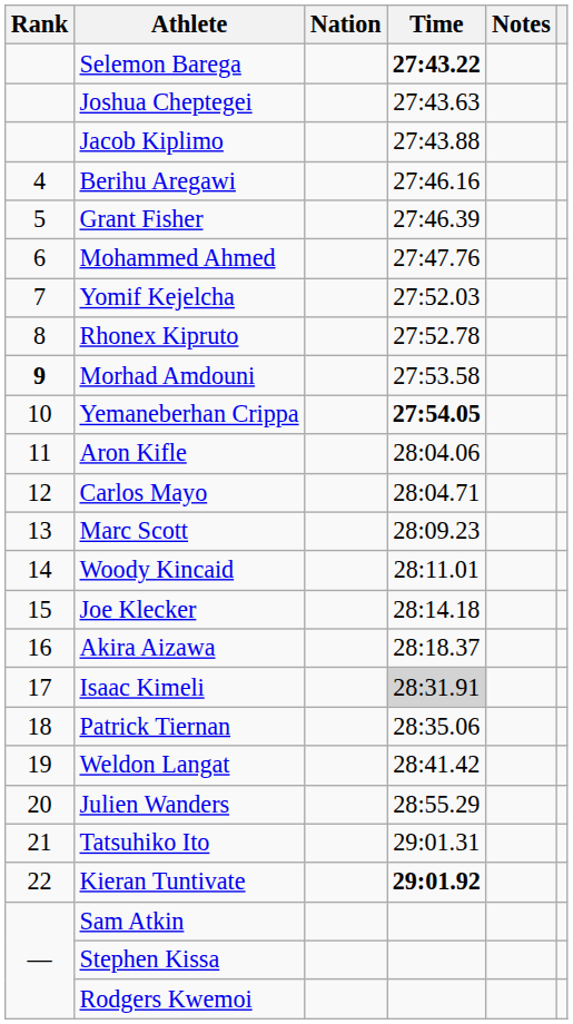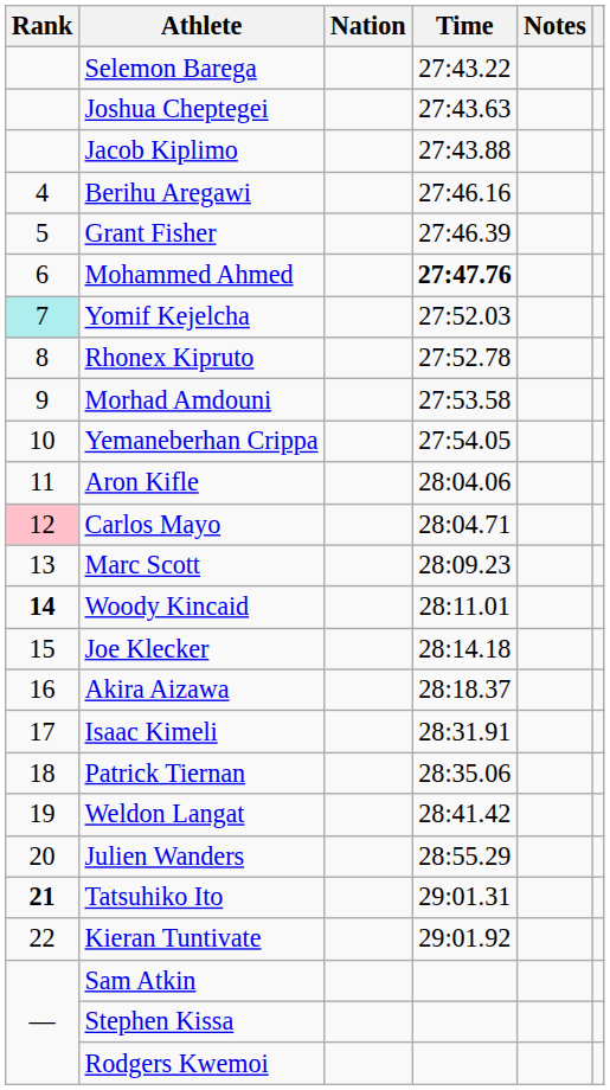 <table class="wikitable sortable" style="text-align:center">
 <tr>
 <th>Rank</th>
 <th>Athlete</th>
 <th>Nation</th>
 <th>Time</th>
 <th>Notes</th>
 <th></th>
 </tr>
 <tr>
 <td></td>
 <td align=left><a href='#'>Selemon Barega</a></td>
 <td align=left></td>
-<td><strong>27:43.22</strong></td>
+<td>27:43.22</td>
 <td></td>
 <td></td>
 </tr>
 <tr>
 <td></td>
 <td align=left><a href='#'>Joshua Cheptegei</a></td>
 <td align=left></td>
 <td>27:43.63</td>
 <td></td>
 <td></td>
 </tr>
 <tr>
 <td></td>
 <td align=left><a href='#'>Jacob Kiplimo</a></td>
 <td align=left></td>
 <td>27:43.88</td>
 <td></td>
 <td></td>
 </tr>
 <tr>
 <td>4</td>
 <td align=left><a href='#'>Berihu Aregawi</a></td>
 <td align=left></td>
 <td>27:46.16</td>
 <td></td>
 <td></td>
 </tr>
 <tr>
 <td>5</td>
 <td align=left><a href='#'>Grant Fisher</a></td>
 <td align=left></td>
 <td>27:46.39</td>
 <td></td>
 <td></td>
 </tr>
 <tr>
 <td>6</td>
 <td align=left><a href='#'>Mohammed Ahmed</a></td>
 <td align=left></td>
-<td>27:47.76</td>
+<td><strong>27:47.76</strong></td>
 <td></td>
 <td></td>
 </tr>
 <tr>
-<td>7</td>
+<td style="background: paleturquoise;">7</td>
 <td align="left"><a href='#'>Yomif Kejelcha</a></td>
 <td align="left"></td>
 <td>27:52.03</td>
 <td></td>
 <td></td>
 </tr>
 <tr>
 <td>8</td>
 <td align="left"><a href='#'>Rhonex Kipruto</a></td>
 <td align="left"></td>
 <td>27:52.78</td>
 <td></td>
 <td></td>
 </tr>
 <tr>
-<td><strong>9</strong></td>
+<td>9</td>
 <td align="left"><a href='#'>Morhad Amdouni</a></td>
 <td align="left"></td>
 <td>27:53.58</td>
 <td></td>
 <td></td>
 </tr>
 <tr>
 <td>10</td>
 <td align="left"><a href='#'>Yemaneberhan Crippa</a></td>
 <td align="left"></td>
-<td><strong>27:54.05</strong></td>
+<td>27:54.05</td>
 <td></td>
 <td></td>
 </tr>
 <tr>
 <td>11</td>
 <td align="left"><a href='#'>Aron Kifle</a></td>
 <td align="left"></td>
 <td>28:04.06</td>
 <td></td>
 <td></td>
 </tr>
 <tr>
-<td>12</td>
+<td style="background: pink;">12</td>
 <td align="left"><a href='#'>Carlos Mayo</a></td>
 <td align="left"></td>
 <td>28:04.71</td>
 <td></td>
 <td></td>
 </tr>
 <tr>
 <td>13</td>
 <td align="left"><a href='#'>Marc Scott</a></td>
 <td align="left"></td>
 <td>28:09.23</td>
 <td></td>
 <td></td>
 </tr>
 <tr>
-<td>14</td>
+<td><strong>14</strong></td>
 <td align="left"><a href='#'>Woody Kincaid</a></td>
 <td align="left"></td>
 <td>28:11.01</td>
 <td></td>
 <td></td>
 </tr>
 <tr>
 <td>15</td>
 <td align="left"><a href='#'>Joe Klecker</a></td>
 <td align="left"></td>
 <td>28:14.18</td>
 <td></td>
 <td></td>
 </tr>
 <tr>
 <td>16</td>
 <td align="left"><a href='#'>Akira Aizawa</a></td>
 <td align="left"></td>
 <td>28:18.37</td>
 <td></td>
 <td></td>
 </tr>
 <tr>
 <td>17</td>
 <td align="left"><a href='#'>Isaac Kimeli</a></td>
 <td align="left"></td>
-<td style="background: lightgrey;">28:31.91</td>
+<td>28:31.91</td>
 <td></td>
 <td></td>
 </tr>
 <tr>
 <td>18</td>
 <td align="left"><a href='#'>Patrick Tiernan</a></td>
 <td align="left"></td>
 <td>28:35.06</td>
 <td></td>
 <td></td>
 </tr>
 <tr>
 <td>19</td>
 <td align="left"><a href='#'>Weldon Langat</a></td>
 <td align="left"></td>
 <td>28:41.42</td>
 <td></td>
 <td></td>
 </tr>
 <tr>
 <td>20</td>
 <td align="left"><a href='#'>Julien Wanders</a></td>
 <td align="left"></td>
 <td>28:55.29</td>
 <td></td>
 <td></td>
 </tr>
 <tr>
-<td>21</td>
+<td><strong>21</strong></td>
 <td align="left"><a href='#'>Tatsuhiko Ito</a></td>
 <td align="left"></td>
 <td>29:01.31</td>
 <td></td>
 <td></td>
 </tr>
 <tr>
 <td>22</td>
 <td align="left"><a href='#'>Kieran Tuntivate</a></td>
 <td align="left"></td>
-<td><strong>29:01.92</strong></td>
+<td>29:01.92</td>
 <td></td>
 <td></td>
 </tr>
 <tr>
 <td rowspan="3" data-sort-value="24">—</td>
 <td align="left"><a href='#'>Sam Atkin</a></td>
 <td align="left"></td>
 <td></td>
 <td></td>
 <td></td>
 </tr>
 <tr>
 <td align="left"><a href='#'>Stephen Kissa</a></td>
 <td align="left"></td>
 <td></td>
 <td></td>
 <td></td>
 </tr>
 <tr>
 <td align="left"><a href='#'>Rodgers Kwemoi</a></td>
 <td align="left"></td>
 <td></td>
 <td></td>
 <td></td>
 </tr>
 <tr>
 </tr>
 </table>
